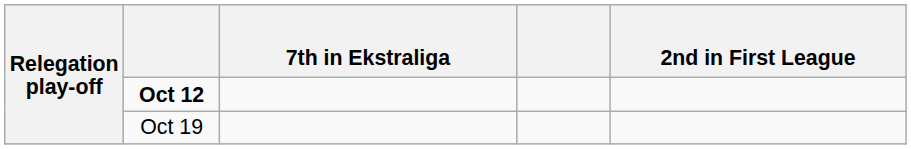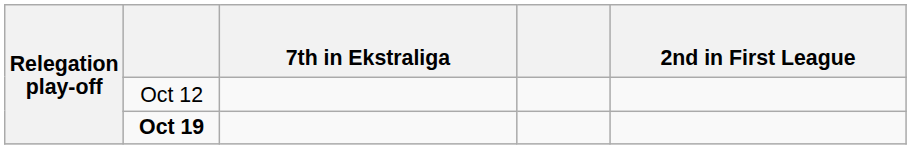 <table align="center" cellspacing="0" cellpadding="3" style="background-color: #f9f9f9; font-size: 90%; text-align: center" class="wikitable">
 <tr style="background:#F0F0F0;">
 <th width=60px rowspan=3>Relegation <br>play-off</th>
 <th width=60px></th>
 <th width=200px><big> <br><small>7th in Ekstraliga</small></big></th>
 <th width=60px><big></big></th>
 <th width=200px><big> <br><small>2nd in First League</small></big></th>
 </tr>
 <tr>
-<td><strong>Oct 12</strong></td>
+<td>Oct 12</td>
 <td></td>
 <td></td>
 <td></td>
 </tr>
 <tr>
-<td>Oct 19</td>
+<td><strong>Oct 19</strong></td>
 <td></td>
 <td></td>
 <td></td>
 </tr>
 </table>
